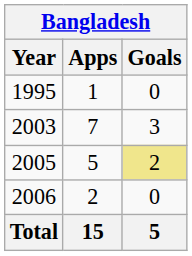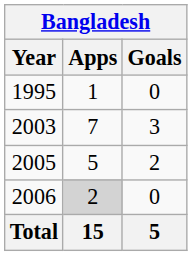 <table class="wikitable" style="text-align:center">
 <tr>
 <th colspan=3><a href='#'>Bangladesh</a></th>
 </tr>
 <tr>
 <th>Year</th>
 <th>Apps</th>
 <th>Goals</th>
 </tr>
 <tr>
 <td>1995</td>
 <td>1</td>
 <td>0</td>
 </tr>
 <tr>
 <td>2003</td>
 <td>7</td>
 <td>3</td>
 </tr>
 <tr>
 <td>2005</td>
 <td>5</td>
-<td style="background: khaki;">2</td>
+<td>2</td>
 </tr>
 <tr>
 <td>2006</td>
-<td>2</td>
+<td style="background: lightgrey;">2</td>
 <td>0</td>
 </tr>
 <tr>
 <th>Total</th>
 <th>15</th>
 <th>5</th>
 </tr>
 </table>
